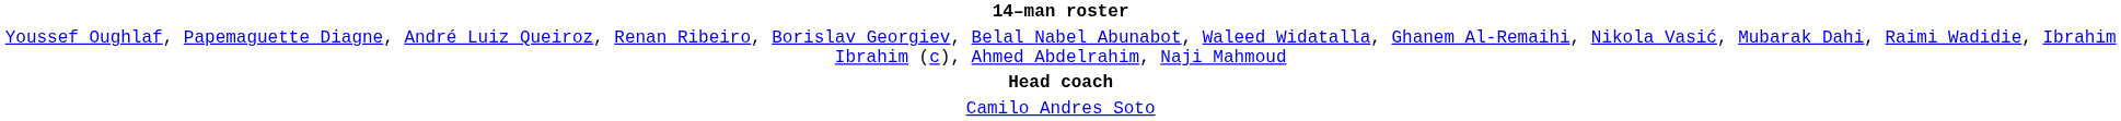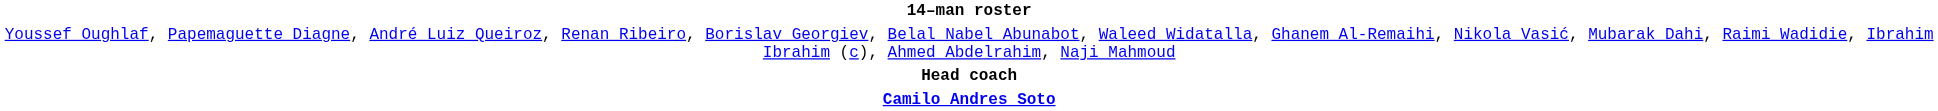 <table style="text-align:center; margin-top:2em; margin-left:auto; margin-right:auto">
 <tr>
 <td><strong>14–man roster</strong></td>
 </tr>
 <tr>
 <td><a href='#'>Youssef Oughlaf</a>, <a href='#'>Papemaguette Diagne</a>, <a href='#'>André Luiz Queiroz</a>, <a href='#'>Renan Ribeiro</a>, <a href='#'>Borislav Georgiev</a>, <a href='#'>Belal Nabel Abunabot</a>, <a href='#'>Waleed Widatalla</a>, <a href='#'>Ghanem Al-Remaihi</a>, <a href='#'>Nikola Vasić</a>, <a href='#'>Mubarak Dahi</a>, <a href='#'>Raimi Wadidie</a>, <a href='#'>Ibrahim Ibrahim</a> (<a href='#'>c</a>), <a href='#'>Ahmed Abdelrahim</a>, <a href='#'>Naji Mahmoud</a></td>
 </tr>
 <tr>
 <td><strong>Head coach</strong></td>
 </tr>
 <tr>
-<td> <a href='#'>Camilo Andres Soto</a></td>
+<td><strong> <a href='#'>Camilo Andres Soto</a></strong></td>
 </tr>
 </table>
